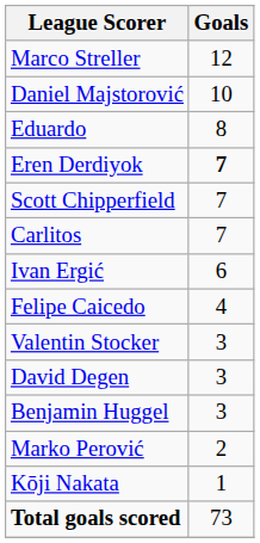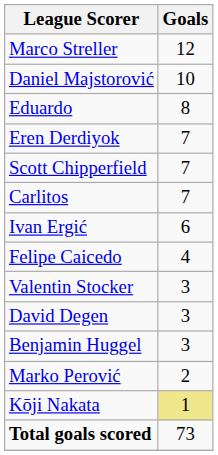 <table class="wikitable">
 <tr>
 <th>League Scorer</th>
 <th>Goals</th>
 </tr>
 <tr>
 <td> <a href='#'>Marco Streller</a></td>
 <td style="text-align:center;">12</td>
 </tr>
 <tr>
 <td> <a href='#'>Daniel Majstorović</a></td>
 <td style="text-align:center;">10</td>
 </tr>
 <tr>
 <td> <a href='#'>Eduardo</a></td>
 <td style="text-align:center;">8</td>
 </tr>
 <tr>
 <td> <a href='#'>Eren Derdiyok</a></td>
-<td style="text-align:center;"><strong>7</strong></td>
+<td style="text-align:center;">7</td>
 </tr>
 <tr>
 <td> <a href='#'>Scott Chipperfield</a></td>
 <td style="text-align:center;">7</td>
 </tr>
 <tr>
 <td> <a href='#'>Carlitos</a></td>
 <td style="text-align:center;">7</td>
 </tr>
 <tr>
 <td> <a href='#'>Ivan Ergić</a></td>
 <td style="text-align:center;">6</td>
 </tr>
 <tr>
 <td> <a href='#'>Felipe Caicedo</a></td>
 <td style="text-align:center;">4</td>
 </tr>
 <tr>
 <td> <a href='#'>Valentin Stocker</a></td>
 <td style="text-align:center;">3</td>
 </tr>
 <tr>
 <td> <a href='#'>David Degen</a></td>
 <td style="text-align:center;">3</td>
 </tr>
 <tr>
 <td> <a href='#'>Benjamin Huggel</a></td>
 <td style="text-align:center;">3</td>
 </tr>
 <tr>
 <td> <a href='#'>Marko Perović</a></td>
 <td style="text-align:center;">2</td>
 </tr>
 <tr>
 <td> <a href='#'>Kōji Nakata</a></td>
-<td style="text-align:center;">1</td>
+<td style="background: khaki; text-align:center;">1</td>
 </tr>
 <tr>
 <td><strong>Total goals scored</strong></td>
 <td style="text-align:center;">73</td>
 </tr>
 <tr>
 </tr>
 </table>
